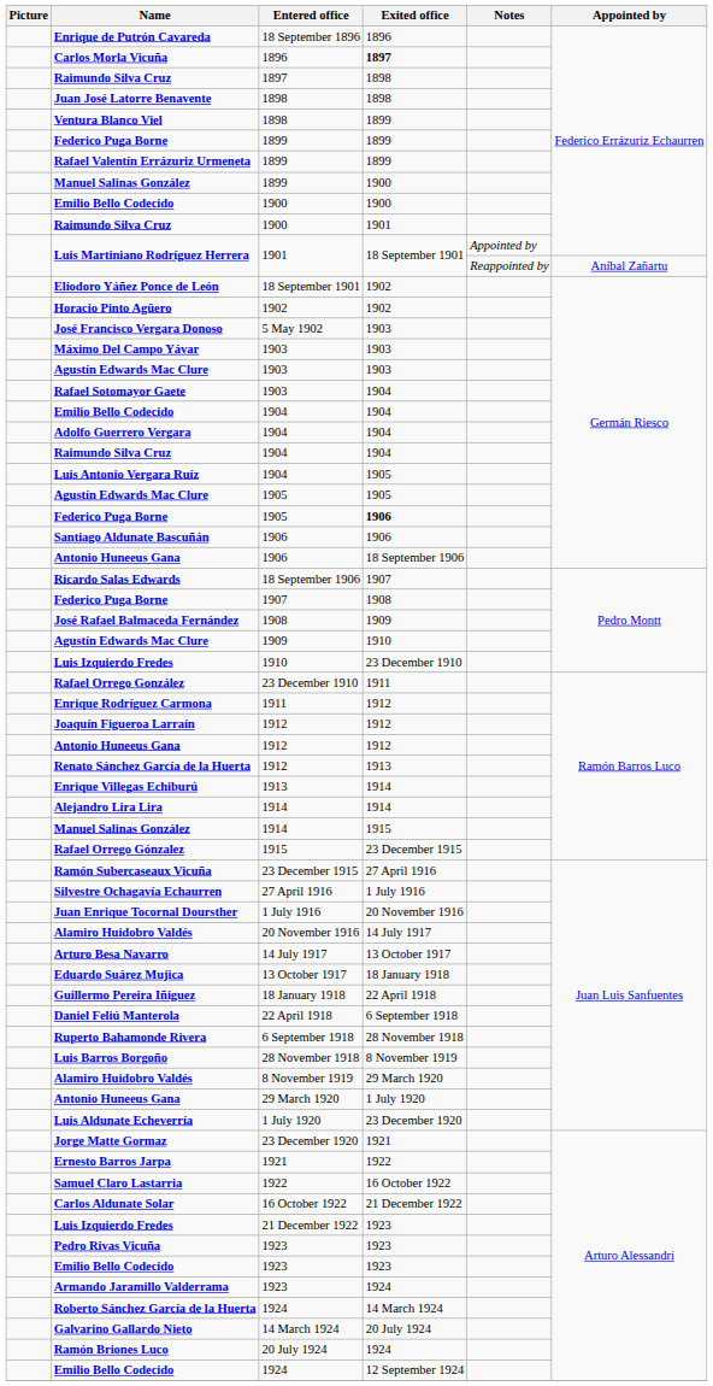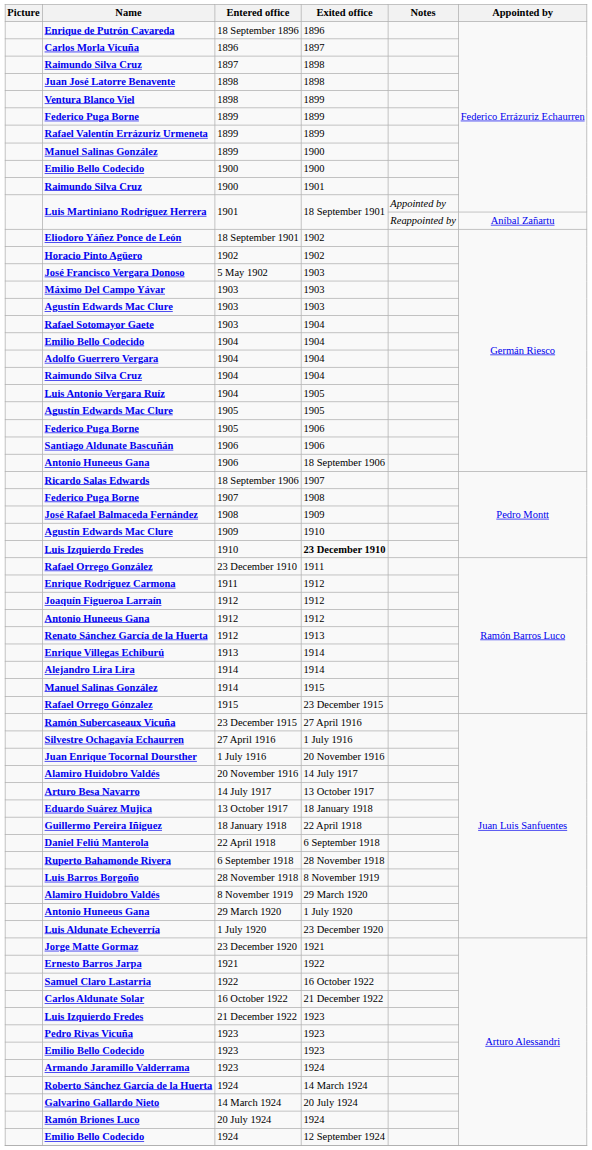 <table class="wikitable" style="margin:1em auto; font-size:95%;">
 <tr>
 <th>Picture</th>
 <th>Name</th>
 <th>Entered office</th>
 <th>Exited office</th>
 <th>Notes</th>
 <th>Appointed by</th>
 </tr>
 <tr>
 <td></td>
 <td><strong><a href='#'>Enrique de Putrón Cavareda</a></strong></td>
 <td>18 September 1896</td>
 <td>1896</td>
 <td></td>
 <td rowspan=11 align=center><a href='#'>Federico Errázuriz Echaurren</a></td>
 </tr>
 <tr>
 <td></td>
 <td><strong><a href='#'>Carlos Morla Vicuña</a></strong></td>
 <td>1896</td>
-<td><strong>1897</strong></td>
+<td>1897</td>
 <td></td>
 </tr>
 <tr>
 <td></td>
 <td><strong><a href='#'>Raimundo Silva Cruz</a></strong></td>
 <td>1897</td>
 <td>1898</td>
 <td></td>
 </tr>
 <tr>
 <td></td>
 <td><strong><a href='#'>Juan José Latorre Benavente</a></strong></td>
 <td>1898</td>
 <td>1898</td>
 <td></td>
 </tr>
 <tr>
 <td></td>
 <td><strong><a href='#'>Ventura Blanco Viel</a></strong></td>
 <td>1898</td>
 <td>1899</td>
 <td></td>
 </tr>
 <tr>
 <td></td>
 <td><strong><a href='#'>Federico Puga Borne</a></strong></td>
 <td>1899</td>
 <td>1899</td>
 <td></td>
 </tr>
 <tr>
 <td></td>
 <td><strong><a href='#'>Rafael Valentín Errázuriz Urmeneta</a></strong></td>
 <td>1899</td>
 <td>1899</td>
 <td></td>
 </tr>
 <tr>
 <td></td>
 <td><strong><a href='#'>Manuel Salinas González</a></strong></td>
 <td>1899</td>
 <td>1900</td>
 <td></td>
 </tr>
 <tr>
 <td></td>
 <td><strong><a href='#'>Emilio Bello Codecido</a></strong></td>
 <td>1900</td>
 <td>1900</td>
 <td></td>
 </tr>
 <tr>
 <td></td>
 <td><strong><a href='#'>Raimundo Silva Cruz</a></strong></td>
 <td>1900</td>
 <td>1901</td>
 <td></td>
 </tr>
 <tr>
 <td rowspan=2 align=left></td>
 <td rowspan=2 align=left><strong><a href='#'>Luis Martiniano Rodríguez Herrera</a></strong></td>
 <td rowspan=2 align=left>1901</td>
 <td rowspan=2 align=left>18 September 1901</td>
 <td><em>Appointed by</em></td>
 </tr>
 <tr>
 <td><em>Reappointed by</em></td>
 <td align=center><a href='#'>Aníbal Zañartu</a></td>
 </tr>
 <tr>
 <td></td>
 <td><strong><a href='#'>Eliodoro Yáñez Ponce de León</a></strong></td>
 <td>18 September 1901</td>
 <td>1902</td>
 <td></td>
 <td rowspan=14 align=center><a href='#'>Germán Riesco</a></td>
 </tr>
 <tr>
 <td></td>
 <td><strong><a href='#'>Horacio Pinto Agüero</a></strong></td>
 <td>1902</td>
 <td>1902</td>
 <td></td>
 </tr>
 <tr>
 <td></td>
 <td><strong><a href='#'>José Francisco Vergara Donoso</a></strong></td>
 <td>5 May 1902</td>
 <td>1903</td>
 <td></td>
 </tr>
 <tr>
 <td></td>
 <td><strong><a href='#'>Máximo Del Campo Yávar</a></strong></td>
 <td>1903</td>
 <td>1903</td>
 <td></td>
 </tr>
 <tr>
 <td></td>
 <td><strong><a href='#'>Agustín Edwards Mac Clure</a></strong></td>
 <td>1903</td>
 <td>1903</td>
 <td></td>
 </tr>
 <tr>
 <td></td>
 <td><strong><a href='#'>Rafael Sotomayor Gaete</a></strong></td>
 <td>1903</td>
 <td>1904</td>
 <td></td>
 </tr>
 <tr>
 <td></td>
 <td><strong><a href='#'>Emilio Bello Codecido</a></strong></td>
 <td>1904</td>
 <td>1904</td>
 <td></td>
 </tr>
 <tr>
 <td></td>
 <td><strong><a href='#'>Adolfo Guerrero Vergara</a></strong></td>
 <td>1904</td>
 <td>1904</td>
 <td></td>
 </tr>
 <tr>
 <td></td>
 <td><strong><a href='#'>Raimundo Silva Cruz</a></strong></td>
 <td>1904</td>
 <td>1904</td>
 <td></td>
 </tr>
 <tr>
 <td></td>
 <td><strong><a href='#'>Luis Antonio Vergara Ruíz</a></strong></td>
 <td>1904</td>
 <td>1905</td>
 <td></td>
 </tr>
 <tr>
 <td></td>
 <td><strong><a href='#'>Agustín Edwards Mac Clure</a></strong></td>
 <td>1905</td>
 <td>1905</td>
 <td></td>
 </tr>
 <tr>
 <td></td>
 <td><strong><a href='#'>Federico Puga Borne</a></strong></td>
 <td>1905</td>
-<td><strong>1906</strong></td>
+<td>1906</td>
 <td></td>
 </tr>
 <tr>
 <td></td>
 <td><strong><a href='#'>Santiago Aldunate Bascuñán</a></strong></td>
 <td>1906</td>
 <td>1906</td>
 <td></td>
 </tr>
 <tr>
 <td></td>
 <td><strong><a href='#'>Antonio Huneeus Gana</a></strong></td>
 <td>1906</td>
 <td>18 September 1906</td>
 <td></td>
 </tr>
 <tr>
 <td></td>
 <td><strong><a href='#'>Ricardo Salas Edwards</a></strong></td>
 <td>18 September 1906</td>
 <td>1907</td>
 <td></td>
 <td rowspan=5 align=center><a href='#'>Pedro Montt</a></td>
 </tr>
 <tr>
 <td></td>
 <td><strong><a href='#'>Federico Puga Borne</a></strong></td>
 <td>1907</td>
 <td>1908</td>
 <td></td>
 </tr>
 <tr>
 <td></td>
 <td><strong><a href='#'>José Rafael Balmaceda Fernández</a></strong></td>
 <td>1908</td>
 <td>1909</td>
 <td></td>
 </tr>
 <tr>
 <td></td>
 <td><strong><a href='#'>Agustín Edwards Mac Clure</a></strong></td>
 <td>1909</td>
 <td>1910</td>
 <td></td>
 </tr>
 <tr>
 <td></td>
 <td><strong><a href='#'>Luis Izquierdo Fredes</a></strong></td>
 <td>1910</td>
-<td>23 December 1910</td>
+<td><strong>23 December 1910</strong></td>
 <td></td>
 </tr>
 <tr>
 <td></td>
 <td><strong><a href='#'>Rafael Orrego González</a></strong></td>
 <td>23 December 1910</td>
 <td>1911</td>
 <td></td>
 <td rowspan=9 align=center><a href='#'>Ramón Barros Luco</a></td>
 </tr>
 <tr>
 <td></td>
 <td><strong><a href='#'>Enrique Rodríguez Carmona</a></strong></td>
 <td>1911</td>
 <td>1912</td>
 <td></td>
 </tr>
 <tr>
 <td></td>
 <td><strong><a href='#'>Joaquín Figueroa Larraín</a></strong></td>
 <td>1912</td>
 <td>1912</td>
 <td></td>
 </tr>
 <tr>
 <td></td>
 <td><strong><a href='#'>Antonio Huneeus Gana</a></strong></td>
 <td>1912</td>
 <td>1912</td>
 <td></td>
 </tr>
 <tr>
 <td></td>
 <td><strong><a href='#'>Renato Sánchez García de la Huerta</a></strong></td>
 <td>1912</td>
 <td>1913</td>
 <td></td>
 </tr>
 <tr>
 <td></td>
 <td><strong><a href='#'>Enrique Villegas Echiburú</a></strong></td>
 <td>1913</td>
 <td>1914</td>
 <td></td>
 </tr>
 <tr>
 <td></td>
 <td><strong><a href='#'>Alejandro Lira Lira</a></strong></td>
 <td>1914</td>
 <td>1914</td>
 <td></td>
 </tr>
 <tr>
 <td></td>
 <td><strong><a href='#'>Manuel Salinas González</a></strong></td>
 <td>1914</td>
 <td>1915</td>
 <td></td>
 </tr>
 <tr>
 <td></td>
 <td><strong><a href='#'>Rafael Orrego Gónzalez</a></strong></td>
 <td>1915</td>
 <td>23 December 1915</td>
 <td></td>
 </tr>
 <tr>
 <td></td>
 <td><strong><a href='#'>Ramón Subercaseaux Vicuña</a></strong></td>
 <td>23 December 1915</td>
 <td>27 April 1916</td>
 <td></td>
 <td rowspan=13 align=center><a href='#'>Juan Luis Sanfuentes</a></td>
 </tr>
 <tr>
 <td></td>
 <td><strong><a href='#'>Silvestre Ochagavía Echaurren</a></strong></td>
 <td>27 April 1916</td>
 <td>1 July 1916</td>
 <td></td>
 </tr>
 <tr>
 <td></td>
 <td><strong><a href='#'>Juan Enrique Tocornal Doursther</a></strong></td>
 <td>1 July 1916</td>
 <td>20 November 1916</td>
 <td></td>
 </tr>
 <tr>
 <td></td>
 <td><strong><a href='#'>Alamiro Huidobro Valdés</a></strong></td>
 <td>20 November 1916</td>
 <td>14 July 1917</td>
 <td></td>
 </tr>
 <tr>
 <td></td>
 <td><strong><a href='#'>Arturo Besa Navarro</a></strong></td>
 <td>14 July 1917</td>
 <td>13 October 1917</td>
 <td></td>
 </tr>
 <tr>
 <td></td>
 <td><strong><a href='#'>Eduardo Suárez Mujica</a></strong></td>
 <td>13 October 1917</td>
 <td>18 January 1918</td>
 <td></td>
 </tr>
 <tr>
 <td></td>
 <td><strong><a href='#'>Guillermo Pereira Iñiguez</a></strong></td>
 <td>18 January 1918</td>
 <td>22 April 1918</td>
 <td></td>
 </tr>
 <tr>
 <td></td>
 <td><strong><a href='#'>Daniel Feliú Manterola</a></strong></td>
 <td>22 April 1918</td>
 <td>6 September 1918</td>
 <td></td>
 </tr>
 <tr>
 <td></td>
 <td><strong><a href='#'>Ruperto Bahamonde Rivera</a></strong></td>
 <td>6 September 1918</td>
 <td>28 November 1918</td>
 <td></td>
 </tr>
 <tr>
 <td></td>
 <td><strong><a href='#'>Luis Barros Borgoño</a></strong></td>
 <td>28 November 1918</td>
 <td>8 November 1919</td>
 <td></td>
 </tr>
 <tr>
 <td></td>
 <td><strong><a href='#'>Alamiro Huidobro Valdés</a></strong></td>
 <td>8 November 1919</td>
 <td>29 March 1920</td>
 <td></td>
 </tr>
 <tr>
 <td></td>
 <td><strong><a href='#'>Antonio Huneeus Gana</a></strong></td>
 <td>29 March 1920</td>
 <td>1 July 1920</td>
 <td></td>
 </tr>
 <tr>
 <td></td>
 <td><strong><a href='#'>Luis Aldunate Echeverría</a></strong></td>
 <td>1 July 1920</td>
 <td>23 December 1920</td>
 <td></td>
 </tr>
 <tr>
 <td></td>
 <td><strong><a href='#'>Jorge Matte Gormaz</a></strong></td>
 <td>23 December 1920</td>
 <td>1921</td>
 <td></td>
 <td rowspan=12 align=center><a href='#'>Arturo Alessandri</a></td>
 </tr>
 <tr>
 <td></td>
 <td><strong><a href='#'>Ernesto Barros Jarpa</a></strong></td>
 <td>1921</td>
 <td>1922</td>
 <td></td>
 </tr>
 <tr>
 <td></td>
 <td><strong><a href='#'>Samuel Claro Lastarria</a></strong></td>
 <td>1922</td>
 <td>16 October 1922</td>
 <td></td>
 </tr>
 <tr>
 <td></td>
 <td><strong><a href='#'>Carlos Aldunate Solar</a></strong></td>
 <td>16 October 1922</td>
 <td>21 December 1922</td>
 <td></td>
 </tr>
 <tr>
 <td></td>
 <td><strong><a href='#'>Luis Izquierdo Fredes</a></strong></td>
 <td>21 December 1922</td>
 <td>1923</td>
 <td></td>
 </tr>
 <tr>
 <td></td>
 <td><strong><a href='#'>Pedro Rivas Vicuña</a></strong></td>
 <td>1923</td>
 <td>1923</td>
 <td></td>
 </tr>
 <tr>
 <td></td>
 <td><strong><a href='#'>Emilio Bello Codecido</a></strong></td>
 <td>1923</td>
 <td>1923</td>
 <td></td>
 </tr>
 <tr>
 <td></td>
 <td><strong><a href='#'>Armando Jaramillo Valderrama</a></strong></td>
 <td>1923</td>
 <td>1924</td>
 <td></td>
 </tr>
 <tr>
 <td></td>
 <td><strong><a href='#'>Roberto Sánchez García de la Huerta</a></strong></td>
 <td>1924</td>
 <td>14 March 1924</td>
 <td></td>
 </tr>
 <tr>
 <td></td>
 <td><strong><a href='#'>Galvarino Gallardo Nieto</a></strong></td>
 <td>14 March 1924</td>
 <td>20 July 1924</td>
 <td></td>
 </tr>
 <tr>
 <td></td>
 <td><strong><a href='#'>Ramón Briones Luco</a></strong></td>
 <td>20 July 1924</td>
 <td>1924</td>
 <td></td>
 </tr>
 <tr>
 <td></td>
 <td><strong><a href='#'>Emilio Bello Codecido</a></strong></td>
 <td>1924</td>
 <td>12 September 1924</td>
 <td></td>
 </tr>
 <tr>
 </tr>
 </table>
